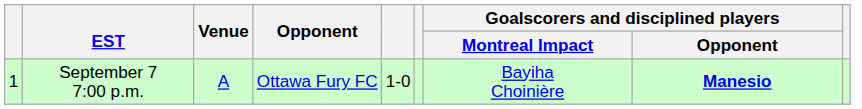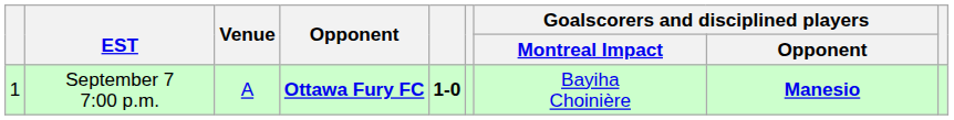 <table class="wikitable" Style="text-align: center;font-size:85%">
 <tr>
 <th rowspan="2"></th>
 <th rowspan="2" style="width:130px"><br><a href='#'>EST</a></th>
 <th rowspan="2">Venue</th>
 <th rowspan="2">Opponent</th>
 <th rowspan="2"><br></th>
 <th rowspan="2"></th>
 <th colspan="2">Goalscorers and disciplined players</th>
 <th rowspan="2"></th>
 </tr>
 <tr>
 <th style="width:160px"><a href='#'>Montreal Impact</a></th>
 <th style="width:160px">Opponent</th>
 </tr>
 <tr style="background:#cfc">
 <td>1</td>
 <td>September 7<br>7:00 p.m.</td>
 <td><a href='#'>A</a></td>
-<td><a href='#'>Ottawa Fury FC</a></td>
-<td>1-0</td>
+<td><strong><a href='#'>Ottawa Fury FC</a></strong></td>
+<td><strong>1-0</strong></td>
 <td></td>
 <td><a href='#'>Bayiha</a> <br><a href='#'>Choinière</a> </td>
 <td><strong><a href='#'>Manesio</a> </strong></td>
 <td></td>
 </tr>
 </table>
